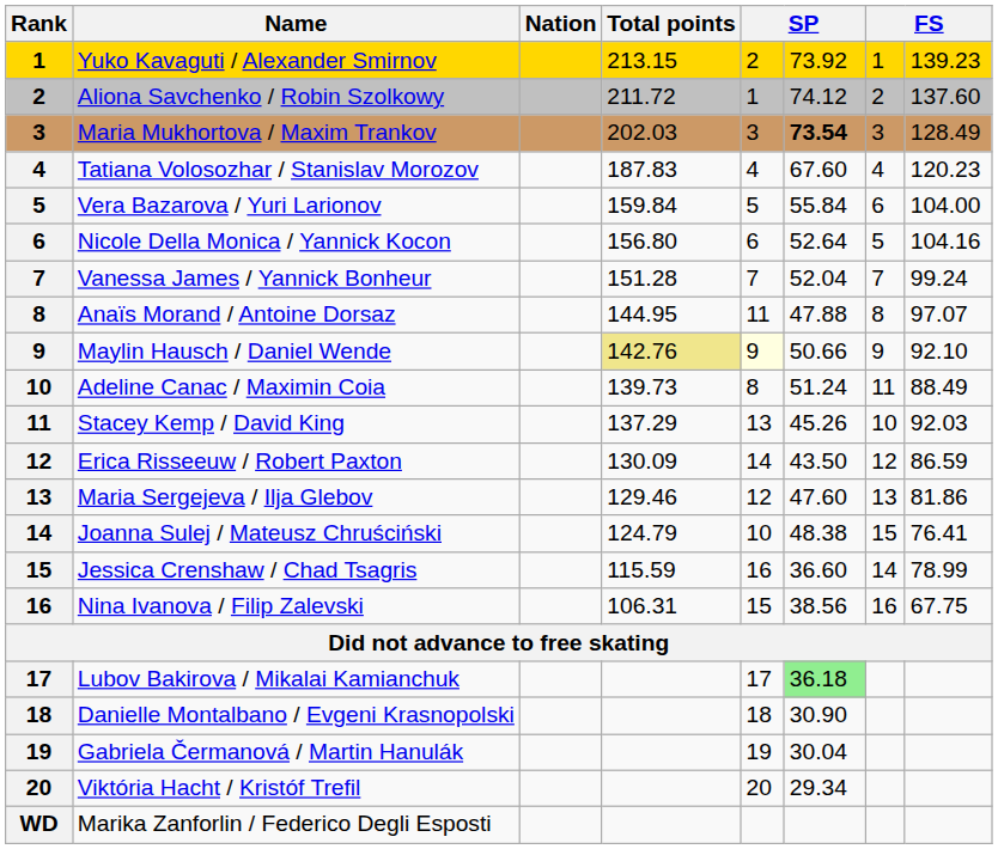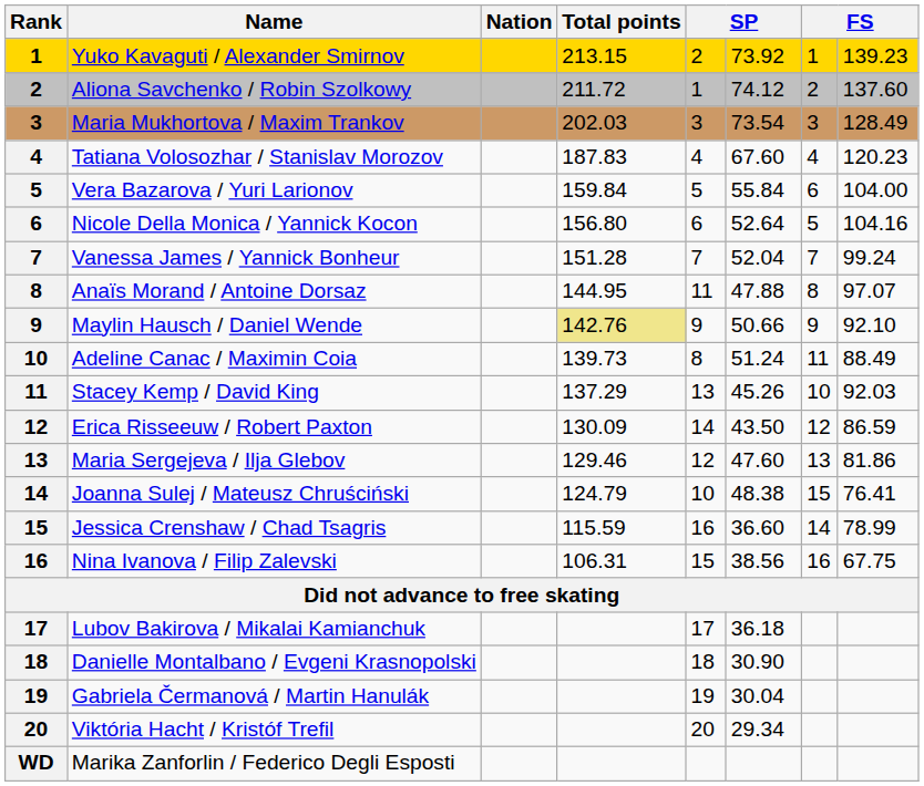 <table class="wikitable sortable">
 <tr>
 <th>Rank</th>
 <th>Name</th>
 <th>Nation</th>
 <th>Total points</th>
 <th colspan="2" width="80px"><a href='#'>SP</a></th>
 <th colspan="2" width="80px"><a href='#'>FS</a></th>
 </tr>
 <tr bgcolor="gold">
 <td align="center"><strong>1</strong></td>
 <td><a href='#'>Yuko Kavaguti</a> / <a href='#'>Alexander Smirnov</a></td>
 <td></td>
 <td>213.15</td>
 <td>2</td>
 <td>73.92</td>
 <td>1</td>
 <td>139.23</td>
 </tr>
 <tr bgcolor="silver">
 <td align="center"><strong>2</strong></td>
 <td><a href='#'>Aliona Savchenko</a> / <a href='#'>Robin Szolkowy</a></td>
 <td></td>
 <td>211.72</td>
 <td>1</td>
 <td>74.12</td>
 <td>2</td>
 <td>137.60</td>
 </tr>
 <tr bgcolor="cc9966">
 <td align="center"><strong>3</strong></td>
 <td><a href='#'>Maria Mukhortova</a> / <a href='#'>Maxim Trankov</a></td>
 <td></td>
 <td>202.03</td>
 <td>3</td>
-<td><strong>73.54</strong></td>
+<td>73.54</td>
 <td>3</td>
 <td>128.49</td>
 </tr>
 <tr>
 <th>4</th>
 <td><a href='#'>Tatiana Volosozhar</a> / <a href='#'>Stanislav Morozov</a></td>
 <td></td>
 <td>187.83</td>
 <td>4</td>
 <td>67.60</td>
 <td>4</td>
 <td>120.23</td>
 </tr>
 <tr>
 <th>5</th>
 <td><a href='#'>Vera Bazarova</a> / <a href='#'>Yuri Larionov</a></td>
 <td></td>
 <td>159.84</td>
 <td>5</td>
 <td>55.84</td>
 <td>6</td>
 <td>104.00</td>
 </tr>
 <tr>
 <th>6</th>
 <td><a href='#'>Nicole Della Monica</a> / <a href='#'>Yannick Kocon</a></td>
 <td></td>
 <td>156.80</td>
 <td>6</td>
 <td>52.64</td>
 <td>5</td>
 <td>104.16</td>
 </tr>
 <tr>
 <th>7</th>
 <td><a href='#'>Vanessa James</a> / <a href='#'>Yannick Bonheur</a></td>
 <td></td>
 <td>151.28</td>
 <td>7</td>
 <td>52.04</td>
 <td>7</td>
 <td>99.24</td>
 </tr>
 <tr>
 <th>8</th>
 <td><a href='#'>Anaïs Morand</a> / <a href='#'>Antoine Dorsaz</a></td>
 <td></td>
 <td>144.95</td>
 <td>11</td>
 <td>47.88</td>
 <td>8</td>
 <td>97.07</td>
 </tr>
 <tr>
 <th>9</th>
 <td><a href='#'>Maylin Hausch</a> / <a href='#'>Daniel Wende</a></td>
 <td></td>
 <td style="background: khaki;">142.76</td>
-<td style="background: lightyellow;">9</td>
+<td>9</td>
 <td>50.66</td>
 <td>9</td>
 <td>92.10</td>
 </tr>
 <tr>
 <th>10</th>
 <td><a href='#'>Adeline Canac</a> / <a href='#'>Maximin Coia</a></td>
 <td></td>
 <td>139.73</td>
 <td>8</td>
 <td>51.24</td>
 <td>11</td>
 <td>88.49</td>
 </tr>
 <tr>
 <th>11</th>
 <td><a href='#'>Stacey Kemp</a> / <a href='#'>David King</a></td>
 <td></td>
 <td>137.29</td>
 <td>13</td>
 <td>45.26</td>
 <td>10</td>
 <td>92.03</td>
 </tr>
 <tr>
 <th>12</th>
 <td><a href='#'>Erica Risseeuw</a> / <a href='#'>Robert Paxton</a></td>
 <td></td>
 <td>130.09</td>
 <td>14</td>
 <td>43.50</td>
 <td>12</td>
 <td>86.59</td>
 </tr>
 <tr>
 <th>13</th>
 <td><a href='#'>Maria Sergejeva</a> / <a href='#'>Ilja Glebov</a></td>
 <td></td>
 <td>129.46</td>
 <td>12</td>
 <td>47.60</td>
 <td>13</td>
 <td>81.86</td>
 </tr>
 <tr>
 <th>14</th>
 <td><a href='#'>Joanna Sulej</a> / <a href='#'>Mateusz Chruściński</a></td>
 <td></td>
 <td>124.79</td>
 <td>10</td>
 <td>48.38</td>
 <td>15</td>
 <td>76.41</td>
 </tr>
 <tr>
 <th>15</th>
 <td><a href='#'>Jessica Crenshaw</a> / <a href='#'>Chad Tsagris</a></td>
 <td></td>
 <td>115.59</td>
 <td>16</td>
 <td>36.60</td>
 <td>14</td>
 <td>78.99</td>
 </tr>
 <tr>
 <th>16</th>
 <td><a href='#'>Nina Ivanova</a> / <a href='#'>Filip Zalevski</a></td>
 <td></td>
 <td>106.31</td>
 <td>15</td>
 <td>38.56</td>
 <td>16</td>
 <td>67.75</td>
 </tr>
 <tr>
 <th colspan=8>Did not advance to free skating</th>
 </tr>
 <tr>
 <th>17</th>
 <td><a href='#'>Lubov Bakirova</a> / <a href='#'>Mikalai Kamianchuk</a></td>
 <td></td>
 <td></td>
 <td>17</td>
-<td style="background: lightgreen;">36.18</td>
+<td>36.18</td>
 <td></td>
 <td></td>
 </tr>
 <tr>
 <th>18</th>
 <td><a href='#'>Danielle Montalbano</a> / <a href='#'>Evgeni Krasnopolski</a></td>
 <td></td>
 <td></td>
 <td>18</td>
 <td>30.90</td>
 <td></td>
 <td></td>
 </tr>
 <tr>
 <th>19</th>
 <td><a href='#'>Gabriela Čermanová</a> / <a href='#'>Martin Hanulák</a></td>
 <td></td>
 <td></td>
 <td>19</td>
 <td>30.04</td>
 <td></td>
 <td></td>
 </tr>
 <tr>
 <th>20</th>
 <td><a href='#'>Viktória Hacht</a> / <a href='#'>Kristóf Trefil</a></td>
 <td></td>
 <td></td>
 <td>20</td>
 <td>29.34</td>
 <td></td>
 <td></td>
 </tr>
 <tr>
 <th>WD</th>
 <td>Marika Zanforlin / Federico Degli Esposti</td>
 <td></td>
 <td></td>
 <td></td>
 <td></td>
 <td></td>
 <td></td>
 </tr>
 </table>
